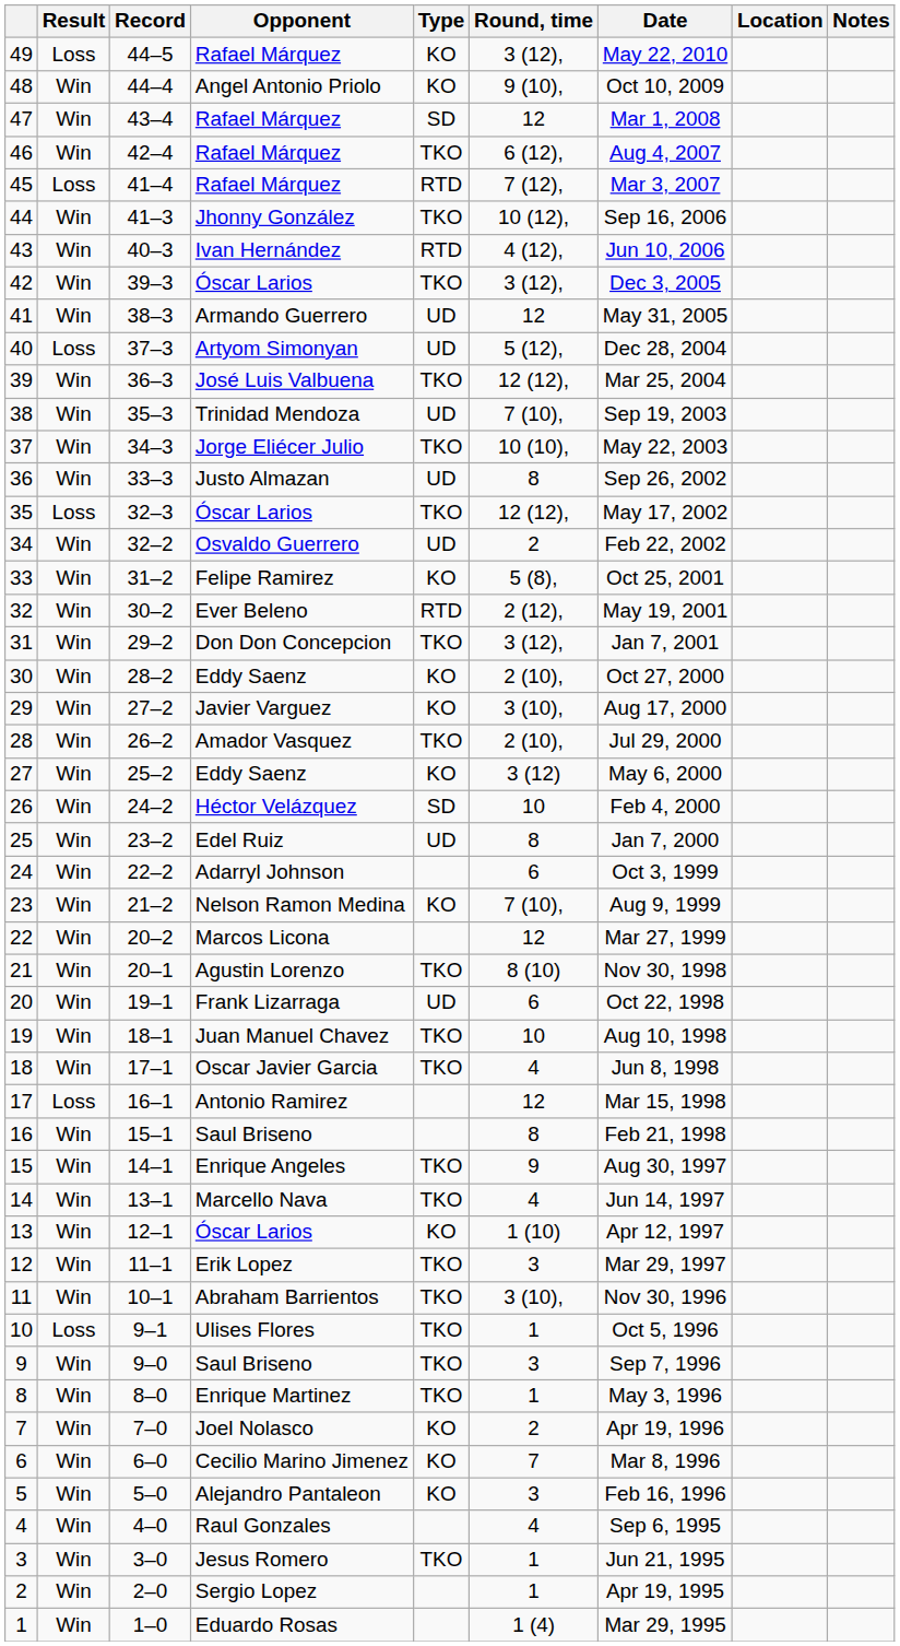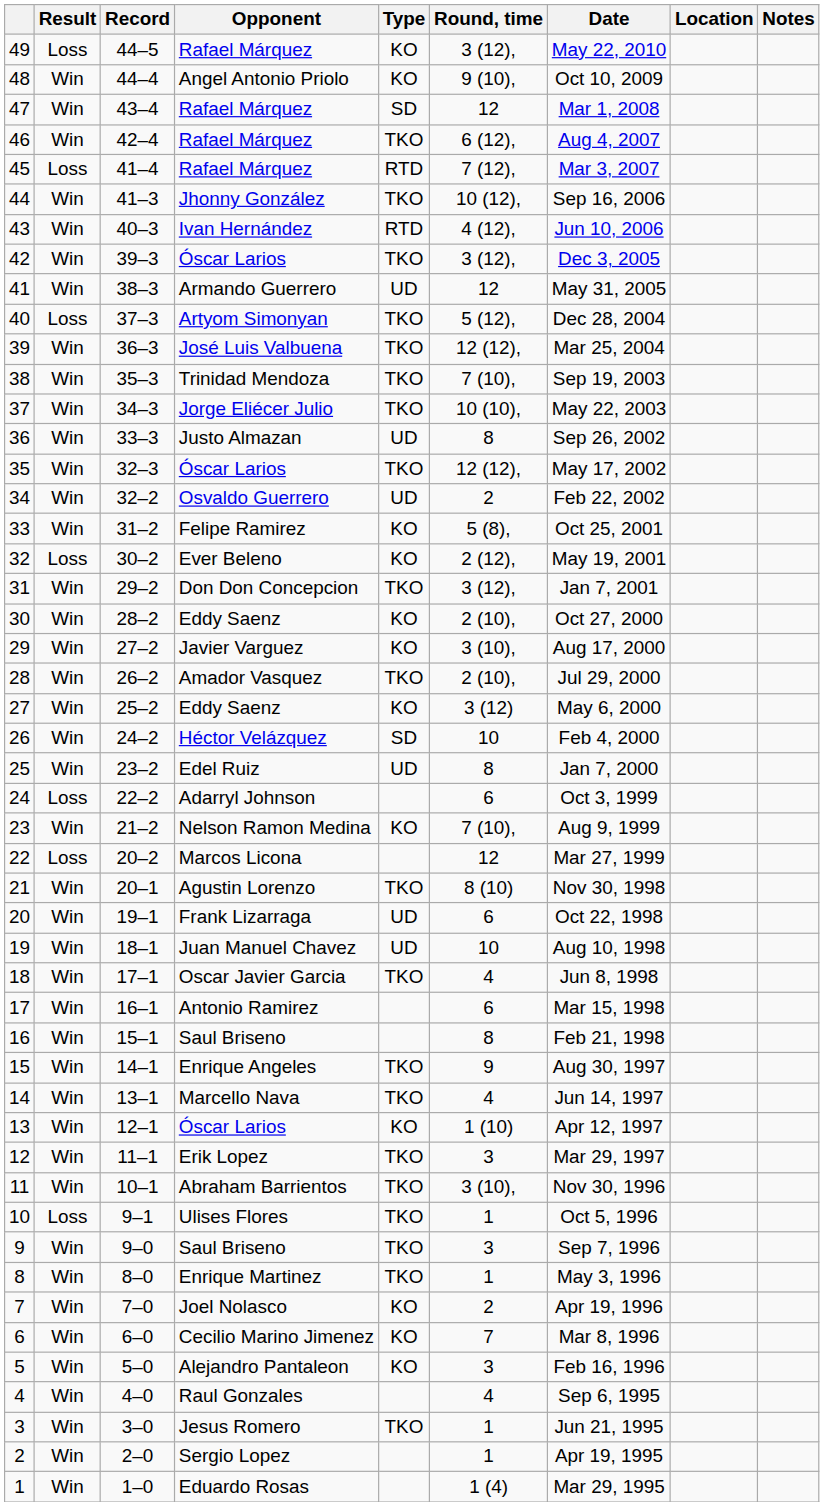 <table class="wikitable" style="text-align:center">
 <tr>
 <th></th>
 <th>Result</th>
 <th>Record</th>
 <th>Opponent</th>
 <th>Type</th>
 <th>Round, time</th>
 <th>Date</th>
 <th>Location</th>
 <th>Notes</th>
 </tr>
 <tr>
 <td>49</td>
 <td>Loss</td>
 <td>44–5</td>
 <td style="text-align:left;"><a href='#'>Rafael Márquez</a></td>
 <td>KO</td>
 <td>3 (12), </td>
 <td><a href='#'>May 22, 2010</a></td>
 <td style="text-align:left;"></td>
 <td style="text-align:left;"></td>
 </tr>
 <tr>
 <td>48</td>
 <td>Win</td>
 <td>44–4</td>
 <td style="text-align:left;">Angel Antonio Priolo</td>
 <td>KO</td>
 <td>9 (10), </td>
 <td>Oct 10, 2009</td>
 <td style="text-align:left;"></td>
 <td></td>
 </tr>
 <tr>
 <td>47</td>
 <td>Win</td>
 <td>43–4</td>
 <td style="text-align:left;"><a href='#'>Rafael Márquez</a></td>
 <td>SD</td>
 <td>12</td>
 <td><a href='#'>Mar 1, 2008</a></td>
 <td style="text-align:left;"></td>
 <td style="text-align:left;"></td>
 </tr>
 <tr>
 <td>46</td>
 <td>Win</td>
 <td>42–4</td>
 <td style="text-align:left;"><a href='#'>Rafael Márquez</a></td>
 <td>TKO</td>
 <td>6 (12), </td>
 <td><a href='#'>Aug 4, 2007</a></td>
 <td style="text-align:left;"></td>
 <td style="text-align:left;"></td>
 </tr>
 <tr>
 <td>45</td>
 <td>Loss</td>
 <td>41–4</td>
 <td style="text-align:left;"><a href='#'>Rafael Márquez</a></td>
 <td>RTD</td>
 <td>7 (12), </td>
 <td><a href='#'>Mar 3, 2007</a></td>
 <td style="text-align:left;"></td>
 <td style="text-align:left;"></td>
 </tr>
 <tr>
 <td>44</td>
 <td>Win</td>
 <td>41–3</td>
 <td style="text-align:left;"><a href='#'>Jhonny González</a></td>
 <td>TKO</td>
 <td>10 (12), </td>
 <td>Sep 16, 2006</td>
 <td style="text-align:left;"></td>
 <td style="text-align:left;"></td>
 </tr>
 <tr>
 <td>43</td>
 <td>Win</td>
 <td>40–3</td>
 <td style="text-align:left;"><a href='#'>Ivan Hernández</a></td>
 <td>RTD</td>
 <td>4 (12), </td>
 <td><a href='#'>Jun 10, 2006</a></td>
 <td style="text-align:left;"></td>
 <td style="text-align:left;"></td>
 </tr>
 <tr>
 <td>42</td>
 <td>Win</td>
 <td>39–3</td>
 <td style="text-align:left;"><a href='#'>Óscar Larios</a></td>
 <td>TKO</td>
 <td>3 (12), </td>
 <td><a href='#'>Dec 3, 2005</a></td>
 <td style="text-align:left;"></td>
 <td style="text-align:left;"></td>
 </tr>
 <tr>
 <td>41</td>
 <td>Win</td>
 <td>38–3</td>
 <td style="text-align:left;">Armando Guerrero</td>
 <td>UD</td>
 <td>12</td>
 <td>May 31, 2005</td>
 <td style="text-align:left;"></td>
 <td style="text-align:left;"></td>
 </tr>
 <tr>
 <td>40</td>
 <td>Loss</td>
 <td>37–3</td>
 <td style="text-align:left;"><a href='#'>Artyom Simonyan</a></td>
-<td>UD</td>
+<td>TKO</td>
 <td>5 (12), </td>
 <td>Dec 28, 2004</td>
 <td style="text-align:left;"></td>
 <td style="text-align:left;"></td>
 </tr>
 <tr>
 <td>39</td>
 <td>Win</td>
 <td>36–3</td>
 <td style="text-align:left;"><a href='#'>José Luis Valbuena</a></td>
 <td>TKO</td>
 <td>12 (12), </td>
 <td>Mar 25, 2004</td>
 <td style="text-align:left;"></td>
 <td style="text-align:left;"></td>
 </tr>
 <tr>
 <td>38</td>
 <td>Win</td>
 <td>35–3</td>
 <td style="text-align:left;">Trinidad Mendoza</td>
-<td>UD</td>
+<td>TKO</td>
 <td>7 (10), </td>
 <td>Sep 19, 2003</td>
 <td style="text-align:left;"></td>
 <td></td>
 </tr>
 <tr>
 <td>37</td>
 <td>Win</td>
 <td>34–3</td>
 <td style="text-align:left;"><a href='#'>Jorge Eliécer Julio</a></td>
 <td>TKO</td>
 <td>10 (10), </td>
 <td>May 22, 2003</td>
 <td style="text-align:left;"></td>
 <td></td>
 </tr>
 <tr>
 <td>36</td>
 <td>Win</td>
 <td>33–3</td>
 <td style="text-align:left;">Justo Almazan</td>
 <td>UD</td>
 <td>8</td>
 <td>Sep 26, 2002</td>
 <td style="text-align:left;"></td>
 <td></td>
 </tr>
 <tr>
 <td>35</td>
-<td>Loss</td>
+<td>Win</td>
 <td>32–3</td>
 <td style="text-align:left;"><a href='#'>Óscar Larios</a></td>
 <td>TKO</td>
 <td>12 (12), </td>
 <td>May 17, 2002</td>
 <td style="text-align:left;"></td>
 <td style="text-align:left;"></td>
 </tr>
 <tr>
 <td>34</td>
 <td>Win</td>
 <td>32–2</td>
 <td style="text-align:left;"><a href='#'>Osvaldo Guerrero</a></td>
 <td>UD</td>
 <td>2</td>
 <td>Feb 22, 2002</td>
 <td style="text-align:left;"></td>
 <td></td>
 </tr>
 <tr>
 <td>33</td>
 <td>Win</td>
 <td>31–2</td>
 <td style="text-align:left;">Felipe Ramirez</td>
 <td>KO</td>
 <td>5 (8), </td>
 <td>Oct 25, 2001</td>
 <td style="text-align:left;"></td>
 <td></td>
 </tr>
 <tr>
 <td>32</td>
-<td>Win</td>
+<td>Loss</td>
 <td>30–2</td>
 <td style="text-align:left;">Ever Beleno</td>
-<td>RTD</td>
+<td>KO</td>
 <td>2 (12), </td>
 <td>May 19, 2001</td>
 <td style="text-align:left;"></td>
 <td style="text-align:left;"></td>
 </tr>
 <tr>
 <td>31</td>
 <td>Win</td>
 <td>29–2</td>
 <td style="text-align:left;">Don Don Concepcion</td>
 <td>TKO</td>
 <td>3 (12), </td>
 <td>Jan 7, 2001</td>
 <td style="text-align:left;"></td>
 <td style="text-align:left;"></td>
 </tr>
 <tr>
 <td>30</td>
 <td>Win</td>
 <td>28–2</td>
 <td style="text-align:left;">Eddy Saenz</td>
 <td>KO</td>
 <td>2 (10), </td>
 <td>Oct 27, 2000</td>
 <td style="text-align:left;"></td>
 <td></td>
 </tr>
 <tr>
 <td>29</td>
 <td>Win</td>
 <td>27–2</td>
 <td style="text-align:left;">Javier Varguez</td>
 <td>KO</td>
 <td>3 (10), </td>
 <td>Aug 17, 2000</td>
 <td style="text-align:left;"></td>
 <td></td>
 </tr>
 <tr>
 <td>28</td>
 <td>Win</td>
 <td>26–2</td>
 <td style="text-align:left;">Amador Vasquez</td>
 <td>TKO</td>
 <td>2 (10), </td>
 <td>Jul 29, 2000</td>
 <td style="text-align:left;"></td>
 <td></td>
 </tr>
 <tr>
 <td>27</td>
 <td>Win</td>
 <td>25–2</td>
 <td style="text-align:left;">Eddy Saenz</td>
 <td>KO</td>
 <td>3 (12)</td>
 <td>May 6, 2000</td>
 <td style="text-align:left;"></td>
 <td style="text-align:left;"></td>
 </tr>
 <tr>
 <td>26</td>
 <td>Win</td>
 <td>24–2</td>
 <td style="text-align:left;"><a href='#'>Héctor Velázquez</a></td>
 <td>SD</td>
 <td>10</td>
 <td>Feb 4, 2000</td>
 <td style="text-align:left;"></td>
 <td></td>
 </tr>
 <tr>
 <td>25</td>
 <td>Win</td>
 <td>23–2</td>
 <td style="text-align:left;">Edel Ruiz</td>
 <td>UD</td>
 <td>8</td>
 <td>Jan 7, 2000</td>
 <td style="text-align:left;"></td>
 <td></td>
 </tr>
 <tr>
 <td>24</td>
-<td>Win</td>
+<td>Loss</td>
 <td>22–2</td>
 <td style="text-align:left;">Adarryl Johnson</td>
 <td></td>
 <td>6</td>
 <td>Oct 3, 1999</td>
 <td style="text-align:left;"></td>
 <td></td>
 </tr>
 <tr>
 <td>23</td>
 <td>Win</td>
 <td>21–2</td>
 <td style="text-align:left;">Nelson Ramon Medina</td>
 <td>KO</td>
 <td>7 (10), </td>
 <td>Aug 9, 1999</td>
 <td style="text-align:left;"></td>
 <td></td>
 </tr>
 <tr>
 <td>22</td>
-<td>Win</td>
+<td>Loss</td>
 <td>20–2</td>
 <td style="text-align:left;">Marcos Licona</td>
 <td></td>
 <td>12</td>
 <td>Mar 27, 1999</td>
 <td style="text-align:left;"></td>
 <td style="text-align:left;"></td>
 </tr>
 <tr>
 <td>21</td>
 <td>Win</td>
 <td>20–1</td>
 <td style="text-align:left;">Agustin Lorenzo</td>
 <td>TKO</td>
 <td>8 (10)</td>
 <td>Nov 30, 1998</td>
 <td style="text-align:left;"></td>
 <td></td>
 </tr>
 <tr>
 <td>20</td>
 <td>Win</td>
 <td>19–1</td>
 <td style="text-align:left;">Frank Lizarraga</td>
 <td>UD</td>
 <td>6</td>
 <td>Oct 22, 1998</td>
 <td style="text-align:left;"></td>
 <td></td>
 </tr>
 <tr>
 <td>19</td>
 <td>Win</td>
 <td>18–1</td>
 <td style="text-align:left;">Juan Manuel Chavez</td>
-<td>TKO</td>
+<td>UD</td>
 <td>10</td>
 <td>Aug 10, 1998</td>
 <td style="text-align:left;"></td>
 <td></td>
 </tr>
 <tr>
 <td>18</td>
 <td>Win</td>
 <td>17–1</td>
 <td style="text-align:left;">Oscar Javier Garcia</td>
 <td>TKO</td>
 <td>4</td>
 <td>Jun 8, 1998</td>
 <td style="text-align:left;"></td>
 <td></td>
 </tr>
 <tr>
 <td>17</td>
-<td>Loss</td>
+<td>Win</td>
 <td>16–1</td>
 <td style="text-align:left;">Antonio Ramirez</td>
 <td></td>
-<td>12</td>
+<td>6</td>
 <td>Mar 15, 1998</td>
 <td style="text-align:left;"></td>
 <td></td>
 </tr>
 <tr>
 <td>16</td>
 <td>Win</td>
 <td>15–1</td>
 <td style="text-align:left;">Saul Briseno</td>
 <td></td>
 <td>8</td>
 <td>Feb 21, 1998</td>
 <td style="text-align:left;"></td>
 <td></td>
 </tr>
 <tr>
 <td>15</td>
 <td>Win</td>
 <td>14–1</td>
 <td style="text-align:left;">Enrique Angeles</td>
 <td>TKO</td>
 <td>9</td>
 <td>Aug 30, 1997</td>
 <td style="text-align:left;"></td>
 <td></td>
 </tr>
 <tr>
 <td>14</td>
 <td>Win</td>
 <td>13–1</td>
 <td style="text-align:left;">Marcello Nava</td>
 <td>TKO</td>
 <td>4</td>
 <td>Jun 14, 1997</td>
 <td style="text-align:left;"></td>
 <td></td>
 </tr>
 <tr>
 <td>13</td>
 <td>Win</td>
 <td>12–1</td>
 <td style="text-align:left;"><a href='#'>Óscar Larios</a></td>
 <td>KO</td>
 <td>1 (10)</td>
 <td>Apr 12, 1997</td>
 <td style="text-align:left;"></td>
 <td></td>
 </tr>
 <tr>
 <td>12</td>
 <td>Win</td>
 <td>11–1</td>
 <td style="text-align:left;">Erik Lopez</td>
 <td>TKO</td>
 <td>3</td>
 <td>Mar 29, 1997</td>
 <td style="text-align:left;"></td>
 <td></td>
 </tr>
 <tr>
 <td>11</td>
 <td>Win</td>
 <td>10–1</td>
 <td style="text-align:left;">Abraham Barrientos</td>
 <td>TKO</td>
 <td>3 (10), </td>
 <td>Nov 30, 1996</td>
 <td style="text-align:left;"></td>
 <td></td>
 </tr>
 <tr>
 <td>10</td>
 <td>Loss</td>
 <td>9–1</td>
 <td style="text-align:left;">Ulises Flores</td>
 <td>TKO</td>
 <td>1</td>
 <td>Oct 5, 1996</td>
 <td style="text-align:left;"></td>
 <td></td>
 </tr>
 <tr>
 <td>9</td>
 <td>Win</td>
 <td>9–0</td>
 <td style="text-align:left;">Saul Briseno</td>
 <td>TKO</td>
 <td>3</td>
 <td>Sep 7, 1996</td>
 <td style="text-align:left;"></td>
 <td></td>
 </tr>
 <tr>
 <td>8</td>
 <td>Win</td>
 <td>8–0</td>
 <td style="text-align:left;">Enrique Martinez</td>
 <td>TKO</td>
 <td>1</td>
 <td>May 3, 1996</td>
 <td style="text-align:left;"></td>
 <td></td>
 </tr>
 <tr>
 <td>7</td>
 <td>Win</td>
 <td>7–0</td>
 <td style="text-align:left;">Joel Nolasco</td>
 <td>KO</td>
 <td>2</td>
 <td>Apr 19, 1996</td>
 <td style="text-align:left;"></td>
 <td></td>
 </tr>
 <tr>
 <td>6</td>
 <td>Win</td>
 <td>6–0</td>
 <td style="text-align:left;">Cecilio Marino Jimenez</td>
 <td>KO</td>
 <td>7</td>
 <td>Mar 8, 1996</td>
 <td style="text-align:left;"></td>
 <td></td>
 </tr>
 <tr>
 <td>5</td>
 <td>Win</td>
 <td>5–0</td>
 <td style="text-align:left;">Alejandro Pantaleon</td>
 <td>KO</td>
 <td>3</td>
 <td>Feb 16, 1996</td>
 <td style="text-align:left;"></td>
 <td></td>
 </tr>
 <tr>
 <td>4</td>
 <td>Win</td>
 <td>4–0</td>
 <td style="text-align:left;">Raul Gonzales</td>
 <td></td>
 <td>4</td>
 <td>Sep 6, 1995</td>
 <td style="text-align:left;"></td>
 <td style="text-align:left;"></td>
 </tr>
 <tr>
 <td>3</td>
 <td>Win</td>
 <td>3–0</td>
 <td style="text-align:left;">Jesus Romero</td>
 <td>TKO</td>
 <td>1</td>
 <td>Jun 21, 1995</td>
 <td style="text-align:left;"></td>
 <td></td>
 </tr>
 <tr>
 <td>2</td>
 <td>Win</td>
 <td>2–0</td>
 <td style="text-align:left;">Sergio Lopez</td>
 <td></td>
 <td>1</td>
 <td>Apr 19, 1995</td>
 <td style="text-align:left;"></td>
 <td></td>
 </tr>
 <tr>
 <td>1</td>
 <td>Win</td>
 <td>1–0</td>
 <td style="text-align:left;">Eduardo Rosas</td>
 <td></td>
 <td>1 (4)</td>
 <td>Mar 29, 1995</td>
 <td style="text-align:left;"></td>
 <td style="text-align:left;"></td>
 </tr>
 </table>
